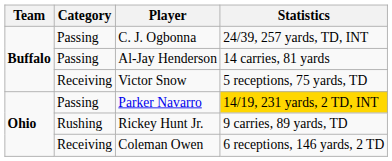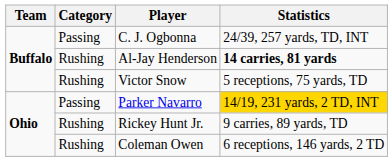 <table class="wikitable" style="float: right;">
 <tr>
 <th>Team</th>
 <th>Category</th>
 <th>Player</th>
 <th>Statistics</th>
 </tr>
 <tr>
 <td rowspan=3><strong>Buffalo</strong></td>
 <td>Passing</td>
 <td>C. J. Ogbonna</td>
 <td>24/39, 257 yards, TD, INT</td>
 </tr>
 <tr>
-<td>Passing</td>
+<td>Rushing</td>
 <td>Al-Jay Henderson</td>
-<td>14 carries, 81 yards</td>
+<td><strong>14 carries, 81 yards</strong></td>
 </tr>
 <tr>
-<td>Receiving</td>
+<td>Rushing</td>
 <td>Victor Snow</td>
 <td>5 receptions, 75 yards, TD</td>
 </tr>
 <tr>
 <td rowspan=3><strong>Ohio</strong></td>
 <td>Passing</td>
 <td><a href='#'>Parker Navarro</a></td>
 <td style="background: gold;">14/19, 231 yards, 2 TD, INT</td>
 </tr>
 <tr>
 <td>Rushing</td>
 <td>Rickey Hunt Jr.</td>
 <td>9 carries, 89 yards, TD</td>
 </tr>
 <tr>
-<td>Receiving</td>
+<td>Rushing</td>
 <td>Coleman Owen</td>
 <td>6 receptions, 146 yards, 2 TD</td>
 </tr>
 </table>
